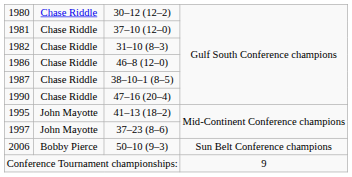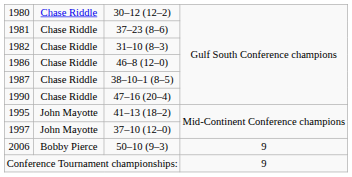 <table class="wikitable" style="text-align:center">
 <tr>
 <td>1980</td>
 <td><a href='#'>Chase Riddle</a></td>
 <td>30–12 (12–2)</td>
 <td rowspan="6">Gulf South Conference champions</td>
 </tr>
 <tr>
 <td>1981</td>
 <td>Chase Riddle</td>
-<td>37–10 (12–0)</td>
+<td>37–23 (8–6)</td>
 </tr>
 <tr>
 <td>1982</td>
 <td>Chase Riddle</td>
 <td>31–10 (8–3)</td>
 </tr>
 <tr>
 <td>1986</td>
 <td>Chase Riddle</td>
 <td>46–8 (12–0)</td>
 </tr>
 <tr>
 <td>1987</td>
 <td>Chase Riddle</td>
 <td>38–10–1 (8–5)</td>
 </tr>
 <tr>
 <td>1990</td>
 <td>Chase Riddle</td>
 <td>47–16 (20–4)</td>
 </tr>
 <tr>
 <td>1995</td>
 <td>John Mayotte</td>
 <td>41–13 (18–2)</td>
 <td rowspan="2">Mid-Continent Conference champions</td>
 </tr>
 <tr>
 <td>1997</td>
 <td>John Mayotte</td>
-<td>37–23 (8–6)</td>
+<td>37–10 (12–0)</td>
 </tr>
 <tr>
 <td>2006</td>
 <td>Bobby Pierce</td>
 <td>50–10 (9–3)</td>
-<td>Sun Belt Conference champions</td>
+<td>9</td>
 </tr>
 <tr>
 <td colspan=3>Conference Tournament championships:</td>
 <td>9</td>
 </tr>
 </table>
